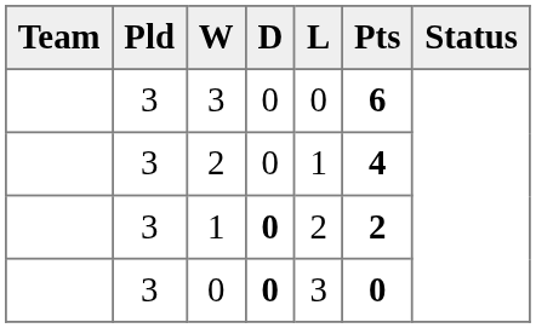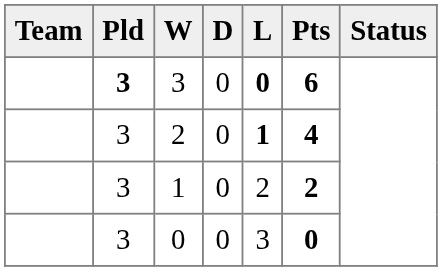 <table style=border-collapse:collapse border=1 cellspacing=0 cellpadding=5>
 <tr align=center bgcolor=#efefef>
 <th>Team</th>
 <th>Pld</th>
 <th>W</th>
 <th>D</th>
 <th>L</th>
 <th>Pts</th>
 <th>Status</th>
 </tr>
 <tr align=center style="background:#FFFFFF;">
 <td style="text-align:left;"> </td>
-<td>3</td>
+<td><strong>3</strong></td>
 <td>3</td>
 <td>0</td>
-<td>0</td>
+<td><strong>0</strong></td>
 <td><strong>6</strong></td>
 <td rowspan=4></td>
 </tr>
 <tr align=center style="background:#FFFFFF;">
 <td style="text-align:left;"> </td>
 <td>3</td>
 <td>2</td>
 <td>0</td>
-<td>1</td>
+<td><strong>1</strong></td>
 <td><strong>4</strong></td>
 </tr>
 <tr align=center style="background:#FFFFFF;">
 <td style="text-align:left;"> </td>
 <td>3</td>
 <td>1</td>
-<td><strong>0</strong></td>
+<td>0</td>
 <td>2</td>
 <td><strong>2</strong></td>
 </tr>
 <tr align=center style="background:#FFFFFF;">
 <td style="text-align:left;"> </td>
 <td>3</td>
 <td>0</td>
-<td><strong>0</strong></td>
+<td>0</td>
 <td>3</td>
 <td><strong>0</strong></td>
 </tr>
 </table>
